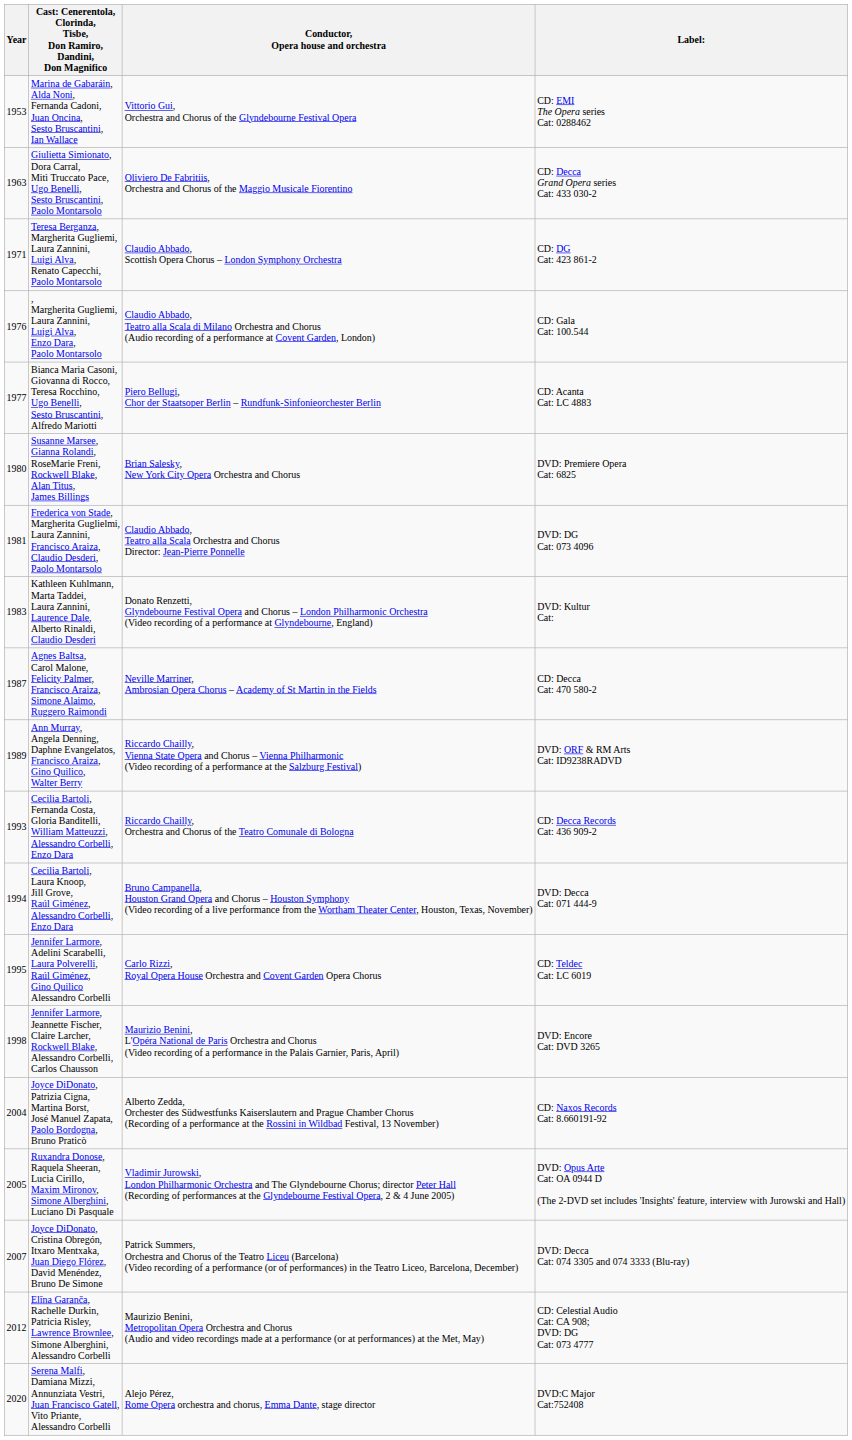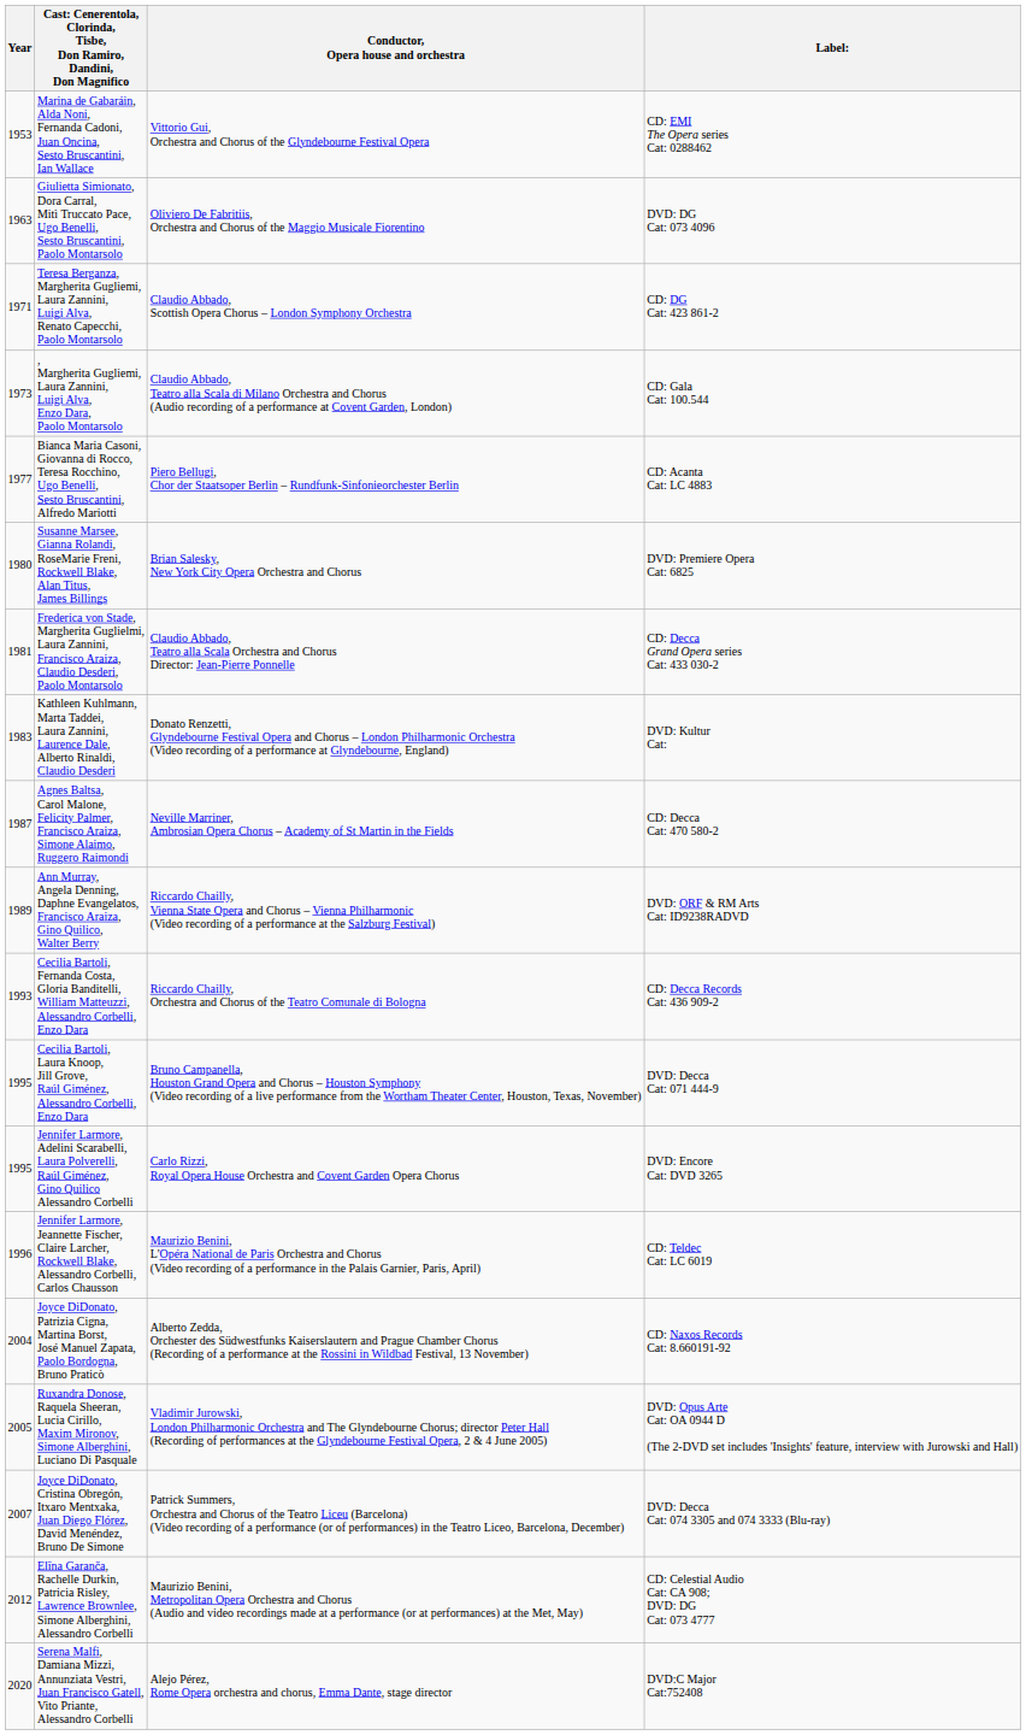 <table class="wikitable">
 <tr>
 <th>Year</th>
 <th>Cast: Cenerentola,<br>Clorinda,<br>Tisbe,<br>Don Ramiro,<br>Dandini, <br>Don Magnifico</th>
 <th>Conductor,<br>Opera house and orchestra</th>
 <th>Label:</th>
 </tr>
 <tr>
 <td>1953</td>
 <td><a href='#'>Marina de Gabaráin</a>,<br><a href='#'>Alda Noni</a>,<br>Fernanda Cadoni,<br><a href='#'>Juan Oncina</a>,<br><a href='#'>Sesto Bruscantini</a>,<br><a href='#'>Ian Wallace</a></td>
 <td><a href='#'>Vittorio Gui</a>,<br>Orchestra and Chorus of the <a href='#'>Glyndebourne Festival Opera</a></td>
 <td>CD: <a href='#'>EMI</a><br><em>The Opera</em> series<br>Cat: 0288462</td>
 </tr>
 <tr>
 <td>1963</td>
 <td><a href='#'>Giulietta Simionato</a>,<br>Dora Carral,<br>Mitì Truccato Pace,<br><a href='#'>Ugo Benelli</a>,<br><a href='#'>Sesto Bruscantini</a>,<br><a href='#'>Paolo Montarsolo</a></td>
 <td><a href='#'>Oliviero De Fabritiis</a>,<br>Orchestra and Chorus of the <a href='#'>Maggio Musicale Fiorentino</a></td>
-<td>CD: <a href='#'>Decca</a><br><em>Grand Opera</em> series<br>Cat: 433 030-2</td>
+<td>DVD: DG<br>Cat: 073 4096</td>
 </tr>
 <tr>
 <td>1971</td>
 <td><a href='#'>Teresa Berganza</a>,<br>Margherita Gugliemi,<br>Laura Zannini,<br><a href='#'>Luigi Alva</a>,<br>Renato Capecchi,<br><a href='#'>Paolo Montarsolo</a></td>
 <td><a href='#'>Claudio Abbado</a>,<br>Scottish Opera Chorus – <a href='#'>London Symphony Orchestra</a></td>
 <td>CD: <a href='#'>DG</a><br>Cat: 423 861-2</td>
 </tr>
 <tr>
-<td>1976</td>
+<td>1973</td>
 <td>,<br>Margherita Gugliemi,<br>Laura Zannini,<br><a href='#'>Luigi Alva</a>,<br><a href='#'>Enzo Dara</a>,<br><a href='#'>Paolo Montarsolo</a></td>
 <td><a href='#'>Claudio Abbado</a>,<br><a href='#'>Teatro alla Scala di Milano</a> Orchestra and Chorus<br>(Audio recording of a performance at <a href='#'>Covent Garden</a>, London)</td>
 <td>CD: Gala<br>Cat: 100.544</td>
 </tr>
 <tr>
 <td>1977</td>
 <td>Bianca Maria Casoni,<br>Giovanna di Rocco,<br>Teresa Rocchino,<br><a href='#'>Ugo Benelli</a>,<br><a href='#'>Sesto Bruscantini</a>,<br>Alfredo Mariotti</td>
 <td><a href='#'>Piero Bellugi</a>,<br><a href='#'>Chor der Staatsoper Berlin</a> – <a href='#'>Rundfunk-Sinfonieorchester Berlin</a></td>
 <td>CD: Acanta<br>Cat: LC 4883</td>
 </tr>
 <tr>
 <td>1980</td>
 <td><a href='#'>Susanne Marsee</a>,<br><a href='#'>Gianna Rolandi</a>,<br>RoseMarie Freni,<br><a href='#'>Rockwell Blake</a>,<br><a href='#'>Alan Titus</a>,<br><a href='#'>James Billings</a></td>
 <td><a href='#'>Brian Salesky</a>,<br><a href='#'>New York City Opera</a> Orchestra and Chorus</td>
 <td>DVD: Premiere Opera<br>Cat: 6825</td>
 </tr>
 <tr>
 <td>1981</td>
 <td><a href='#'>Frederica von Stade</a>,<br>Margherita Guglielmi,<br>Laura Zannini,<br><a href='#'>Francisco Araiza</a>,<br><a href='#'>Claudio Desderi</a>,<br><a href='#'>Paolo Montarsolo</a></td>
 <td><a href='#'>Claudio Abbado</a>,<br><a href='#'>Teatro alla Scala</a> Orchestra and Chorus<br>Director: <a href='#'>Jean-Pierre Ponnelle</a></td>
-<td>DVD: DG<br>Cat: 073 4096</td>
+<td>CD: <a href='#'>Decca</a><br><em>Grand Opera</em> series<br>Cat: 433 030-2</td>
 </tr>
 <tr>
 <td>1983</td>
 <td>Kathleen Kuhlmann,<br>Marta Taddei,<br>Laura Zannini,<br><a href='#'>Laurence Dale</a>,<br>Alberto Rinaldi,<br><a href='#'>Claudio Desderi</a></td>
 <td>Donato Renzetti,<br><a href='#'>Glyndebourne Festival Opera</a> and Chorus – <a href='#'>London Philharmonic Orchestra</a><br>(Video recording of a performance at <a href='#'>Glyndebourne</a>, England)</td>
 <td>DVD: Kultur<br>Cat: </td>
 </tr>
 <tr>
 <td>1987</td>
 <td><a href='#'>Agnes Baltsa</a>,<br>Carol Malone,<br><a href='#'>Felicity Palmer</a>,<br><a href='#'>Francisco Araiza</a>,<br><a href='#'>Simone Alaimo</a>,<br><a href='#'>Ruggero Raimondi</a></td>
 <td><a href='#'>Neville Marriner</a>,<br><a href='#'>Ambrosian Opera Chorus</a> – <a href='#'>Academy of St Martin in the Fields</a></td>
 <td>CD: Decca<br>Cat: 470 580-2</td>
 </tr>
 <tr>
 <td>1989</td>
 <td><a href='#'>Ann Murray</a>,<br>Angela Denning,<br>Daphne Evangelatos,<br><a href='#'>Francisco Araiza</a>,<br><a href='#'>Gino Quilico</a>,<br><a href='#'>Walter Berry</a></td>
 <td><a href='#'>Riccardo Chailly</a>,<br><a href='#'>Vienna State Opera</a> and Chorus – <a href='#'>Vienna Philharmonic</a><br>(Video recording of a performance at the <a href='#'>Salzburg Festival</a>)</td>
 <td>DVD: <a href='#'>ORF</a> & RM Arts<br>Cat: ID9238RADVD</td>
 </tr>
 <tr>
 <td>1993</td>
 <td><a href='#'>Cecilia Bartoli</a>,<br>Fernanda Costa,<br>Gloria Banditelli,<br><a href='#'>William Matteuzzi</a>,<br><a href='#'>Alessandro Corbelli</a>,<br><a href='#'>Enzo Dara</a></td>
 <td><a href='#'>Riccardo Chailly</a>,<br>Orchestra and Chorus of the <a href='#'>Teatro Comunale di Bologna</a></td>
 <td>CD: <a href='#'>Decca Records</a><br>Cat: 436 909-2</td>
 </tr>
 <tr>
-<td>1994</td>
+<td>1995</td>
 <td><a href='#'>Cecilia Bartoli</a>,<br>Laura Knoop,<br>Jill Grove,<br><a href='#'>Raúl Giménez</a>,<br><a href='#'>Alessandro Corbelli</a>,<br><a href='#'>Enzo Dara</a></td>
 <td><a href='#'>Bruno Campanella</a>,<br><a href='#'>Houston Grand Opera</a> and Chorus – <a href='#'>Houston Symphony</a><br>(Video recording of a live performance from the <a href='#'>Wortham Theater Center</a>, Houston, Texas, November)</td>
 <td>DVD: Decca<br>Cat: 071 444-9</td>
 </tr>
 <tr>
 <td>1995</td>
 <td><a href='#'>Jennifer Larmore</a>,<br>Adelini Scarabelli,<br><a href='#'>Laura Polverelli</a>,<br><a href='#'>Raúl Giménez</a>,<br><a href='#'>Gino Quilico</a><br>Alessandro Corbelli</td>
 <td><a href='#'>Carlo Rizzi</a>,<br><a href='#'>Royal Opera House</a> Orchestra and <a href='#'>Covent Garden</a> Opera Chorus</td>
-<td>CD: <a href='#'>Teldec</a><br>Cat: LC 6019</td>
+<td>DVD: Encore<br>Cat: DVD 3265</td>
 </tr>
 <tr>
-<td>1998</td>
+<td>1996</td>
 <td><a href='#'>Jennifer Larmore</a>,<br>Jeannette Fischer,<br>Claire Larcher,<br><a href='#'>Rockwell Blake</a>,<br>Alessandro Corbelli,<br>Carlos Chausson</td>
 <td><a href='#'>Maurizio Benini</a>,<br>L'<a href='#'>Opéra National de Paris</a> Orchestra and Chorus<br>(Video recording of a performance in the Palais Garnier, Paris, April)</td>
-<td>DVD: Encore<br>Cat: DVD 3265</td>
+<td>CD: <a href='#'>Teldec</a><br>Cat: LC 6019</td>
 </tr>
 <tr>
 <td>2004</td>
 <td><a href='#'>Joyce DiDonato</a>,<br>Patrizia Cigna,<br>Martina Borst,<br>José Manuel Zapata,<br><a href='#'>Paolo Bordogna</a>,<br>Bruno Praticò</td>
 <td>Alberto Zedda,<br>Orchester des Südwestfunks Kaiserslautern and Prague Chamber Chorus<br>(Recording of a performance at the <a href='#'>Rossini in Wildbad</a> Festival, 13 November)</td>
 <td>CD: <a href='#'>Naxos Records</a><br>Cat: 8.660191-92</td>
 </tr>
 <tr>
 <td>2005</td>
 <td><a href='#'>Ruxandra Donose</a>,<br>Raquela Sheeran,<br>Lucia Cirillo,<br><a href='#'>Maxim Mironov</a>,<br><a href='#'>Simone Alberghini</a>,<br>Luciano Di Pasquale</td>
 <td><a href='#'>Vladimir Jurowski</a>,<br><a href='#'>London Philharmonic Orchestra</a> and The Glyndebourne Chorus; director <a href='#'>Peter Hall</a><br>(Recording of performances at the <a href='#'>Glyndebourne Festival Opera</a>, 2 & 4 June 2005)</td>
 <td>DVD: <a href='#'>Opus Arte</a><br>Cat: OA 0944 D <br><br>(The 2-DVD set includes 'Insights' feature, interview with Jurowski and Hall)</td>
 </tr>
 <tr>
 <td>2007</td>
 <td><a href='#'>Joyce DiDonato</a>,<br>Cristina Obregón,<br>Itxaro Mentxaka,<br><a href='#'>Juan Diego Flórez</a>,<br>David Menéndez,<br>Bruno De Simone</td>
 <td>Patrick Summers,<br>Orchestra and Chorus of the Teatro <a href='#'>Liceu</a> (Barcelona)<br>(Video recording of a performance (or of performances) in the Teatro Liceo, Barcelona, December)</td>
 <td>DVD: Decca<br>Cat: 074 3305 and 074 3333 (Blu-ray)</td>
 </tr>
 <tr>
 <td>2012</td>
 <td><a href='#'>Elīna Garanča</a>,<br>Rachelle Durkin,<br>Patricia Risley,<br><a href='#'>Lawrence Brownlee</a>,<br>Simone Alberghini,<br>Alessandro Corbelli</td>
 <td>Maurizio Benini,<br><a href='#'>Metropolitan Opera</a> Orchestra and Chorus<br>(Audio and video recordings made at a performance (or at performances) at the Met, May)</td>
 <td>CD: Celestial Audio<br>Cat: CA 908;<br>DVD: DG<br>Cat: 073 4777</td>
 </tr>
 <tr>
 <td>2020</td>
 <td><a href='#'>Serena Malfi</a>,<br>Damiana Mizzi,<br>Annunziata Vestri,<br><a href='#'>Juan Francisco Gatell</a>,<br>Vito Priante,<br>Alessandro Corbelli</td>
 <td>Alejo Pérez,<br><a href='#'>Rome Opera</a> orchestra and chorus, <a href='#'>Emma Dante</a>, stage director</td>
 <td>DVD:C Major <br>Cat:752408</td>
 </tr>
 </table>
